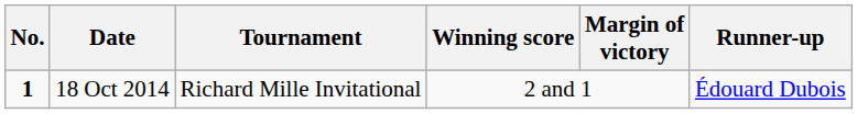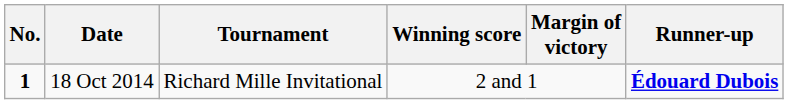 <table class="wikitable" style="font-size:95%;">
 <tr>
 <th>No.</th>
 <th>Date</th>
 <th>Tournament</th>
 <th>Winning score</th>
 <th>Margin of<br>victory</th>
 <th>Runner-up</th>
 </tr>
 <tr>
 <td align=center><strong>1</strong></td>
 <td align=right>18 Oct 2014</td>
 <td>Richard Mille Invitational</td>
 <td colspan=2 align=center>2 and 1</td>
-<td> <a href='#'>Édouard Dubois</a></td>
+<td><strong> <a href='#'>Édouard Dubois</a></strong></td>
 </tr>
 </table>
